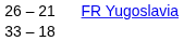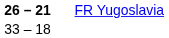 <table style="text-align:center">
 <tr>
 <th width=200></th>
 <th width=100></th>
 <th width=200></th>
 </tr>
 <tr>
 <td align=right><strong></strong></td>
-<td>26 – 21</td>
+<td><strong>26 – 21</strong></td>
 <td align=left> <a href='#'>FR Yugoslavia</a></td>
 </tr>
 <tr>
 <td align=right><strong></strong></td>
 <td>33 – 18</td>
 <td align=left></td>
 </tr>
 </table>
